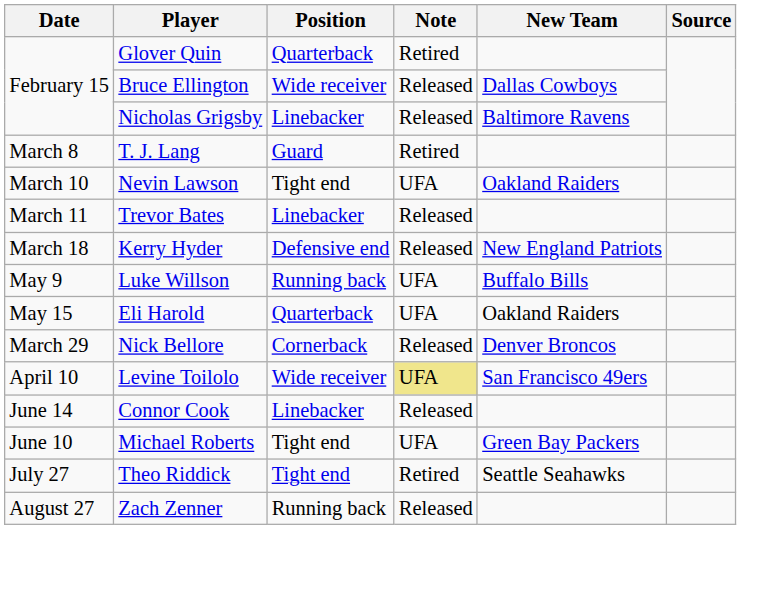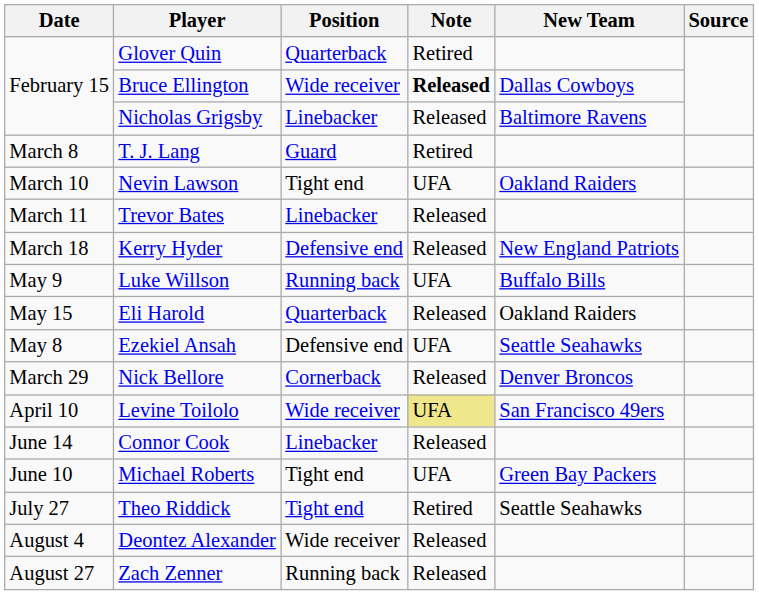 <table class="wikitable">
 <tr>
 <th>Date</th>
 <th>Player</th>
 <th>Position</th>
 <th>Note</th>
 <th>New Team</th>
 <th>Source</th>
 </tr>
 <tr>
 <td rowspan="3">February 15</td>
 <td><a href='#'>Glover Quin</a></td>
 <td><a href='#'>Quarterback</a></td>
 <td>Retired</td>
 <td></td>
 <td rowspan="3"></td>
 </tr>
 <tr>
 <td><a href='#'>Bruce Ellington</a></td>
 <td><a href='#'>Wide receiver</a></td>
-<td>Released</td>
+<td><strong>Released</strong></td>
 <td><a href='#'>Dallas Cowboys</a></td>
 </tr>
 <tr>
 <td><a href='#'>Nicholas Grigsby</a></td>
 <td><a href='#'>Linebacker</a></td>
 <td>Released</td>
 <td><a href='#'>Baltimore Ravens</a></td>
 </tr>
 <tr>
 <td>March 8</td>
 <td><a href='#'>T. J. Lang</a></td>
 <td><a href='#'>Guard</a></td>
 <td>Retired</td>
 <td></td>
 <td></td>
 </tr>
 <tr>
 <td>March 10</td>
 <td><a href='#'>Nevin Lawson</a></td>
 <td>Tight end</td>
 <td>UFA</td>
 <td><a href='#'>Oakland Raiders</a></td>
 <td></td>
 </tr>
 <tr>
 <td>March 11</td>
 <td><a href='#'>Trevor Bates</a></td>
 <td><a href='#'>Linebacker</a></td>
 <td>Released</td>
 <td></td>
 <td></td>
 </tr>
 <tr>
 <td>March 18</td>
 <td><a href='#'>Kerry Hyder</a></td>
 <td><a href='#'>Defensive end</a></td>
 <td>Released</td>
 <td><a href='#'>New England Patriots</a></td>
 <td></td>
 </tr>
 <tr>
 <td>May 9</td>
 <td><a href='#'>Luke Willson</a></td>
 <td><a href='#'>Running back</a></td>
 <td>UFA</td>
 <td><a href='#'>Buffalo Bills</a></td>
 <td></td>
 </tr>
 <tr>
 <td>May 15</td>
 <td><a href='#'>Eli Harold</a></td>
 <td><a href='#'>Quarterback</a></td>
+<td>Released</td>
+<td>Oakland Raiders</td>
+<td></td>
+</tr>
+<tr>
+<td>May 8</td>
+<td><a href='#'>Ezekiel Ansah</a></td>
+<td>Defensive end</td>
 <td>UFA</td>
-<td>Oakland Raiders</td>
+<td><a href='#'>Seattle Seahawks</a></td>
 <td></td>
 </tr>
 <tr>
 <td>March 29</td>
 <td><a href='#'>Nick Bellore</a></td>
 <td><a href='#'>Cornerback</a></td>
 <td>Released</td>
 <td><a href='#'>Denver Broncos</a></td>
 <td></td>
 </tr>
 <tr>
 <td>April 10</td>
 <td><a href='#'>Levine Toilolo</a></td>
 <td><a href='#'>Wide receiver</a></td>
 <td style="background: khaki;">UFA</td>
 <td><a href='#'>San Francisco 49ers</a></td>
 <td></td>
 </tr>
 <tr>
 <td>June 14</td>
 <td><a href='#'>Connor Cook</a></td>
 <td><a href='#'>Linebacker</a></td>
 <td>Released</td>
 <td></td>
 <td></td>
 </tr>
 <tr>
 <td>June 10</td>
 <td><a href='#'>Michael Roberts</a></td>
 <td>Tight end</td>
 <td>UFA</td>
 <td><a href='#'>Green Bay Packers</a></td>
 <td></td>
 </tr>
 <tr>
 <td>July 27</td>
 <td><a href='#'>Theo Riddick</a></td>
 <td><a href='#'>Tight end</a></td>
 <td>Retired</td>
 <td>Seattle Seahawks</td>
 <td></td>
 </tr>
 <tr>
+<td>August 4</td>
+<td><a href='#'>Deontez Alexander</a></td>
+<td>Wide receiver</td>
+<td>Released</td>
+<td></td>
+<td></td>
+</tr>
+<tr>
 <td>August 27</td>
 <td><a href='#'>Zach Zenner</a></td>
 <td>Running back</td>
 <td>Released</td>
 <td></td>
 <td></td>
 </tr>
 </table>
